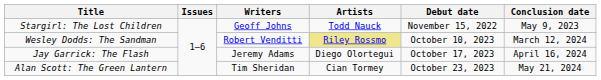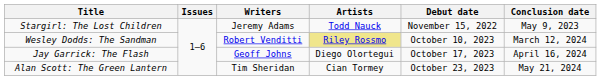 <table class="wikitable" style="text-align:center; width:100%">
 <tr>
 <th scope="col">Title</th>
 <th scope="col">Issues</th>
 <th scope="col">Writers</th>
 <th scope="col">Artists</th>
 <th scope="col">Debut date</th>
 <th scope="col">Conclusion date</th>
 </tr>
 <tr>
 <td><em>Stargirl: The Lost Children</em></td>
 <td rowspan="4">1–6</td>
-<td><a href='#'>Geoff Johns</a></td>
+<td>Jeremy Adams</td>
 <td><a href='#'>Todd Nauck</a></td>
 <td>November 15, 2022</td>
 <td>May 9, 2023</td>
 </tr>
 <tr>
 <td><em>Wesley Dodds: The Sandman</em></td>
 <td><a href='#'>Robert Venditti</a></td>
 <td style="background: khaki;"><a href='#'>Riley Rossmo</a></td>
 <td>October 10, 2023</td>
 <td>March 12, 2024</td>
 </tr>
 <tr>
 <td><em>Jay Garrick: The Flash</em></td>
-<td>Jeremy Adams</td>
+<td><a href='#'>Geoff Johns</a></td>
 <td>Diego Olortegui</td>
 <td>October 17, 2023</td>
 <td>April 16, 2024</td>
 </tr>
 <tr>
 <td><em>Alan Scott: The Green Lantern</em></td>
 <td>Tim Sheridan</td>
 <td>Cian Tormey</td>
 <td>October 23, 2023</td>
 <td>May 21, 2024</td>
 </tr>
 </table>
